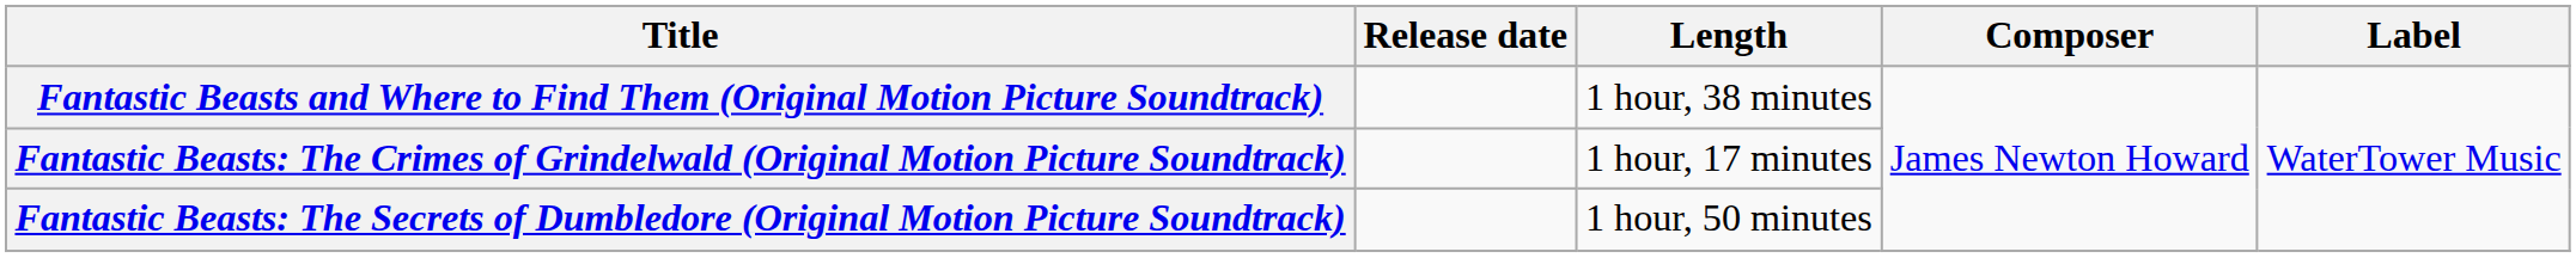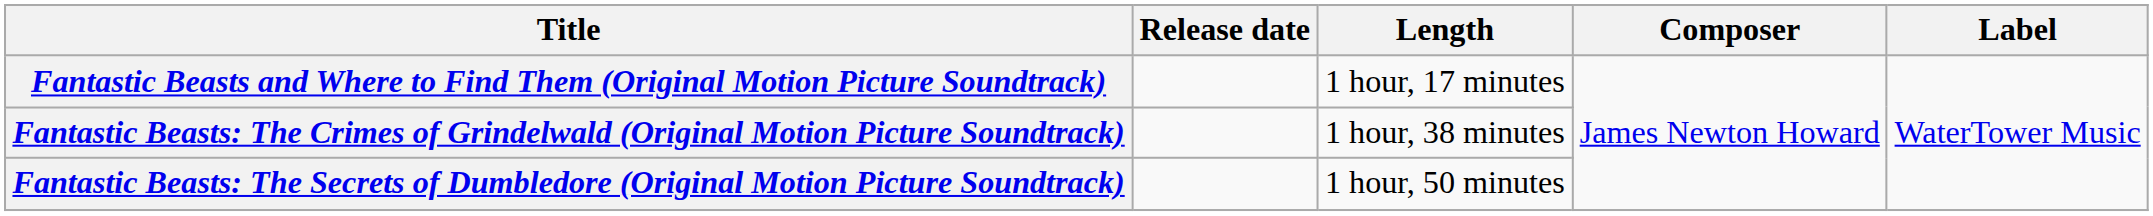 <table class="wikitable plainrowheaders" style="text-align:center">
 <tr>
 <th scope="col">Title</th>
 <th scope="col">Release date</th>
 <th scope="col">Length</th>
 <th scope="col">Composer</th>
 <th scope="col">Label</th>
 </tr>
 <tr>
 <th scope="row"><em><a href='#'>Fantastic Beasts and Where to Find Them (Original Motion Picture Soundtrack)</a></em></th>
 <td style="text-align:left"></td>
-<td style="text-align:left">1 hour, 38 minutes</td>
+<td style="text-align:left">1 hour, 17 minutes</td>
 <td rowspan="3"><a href='#'>James Newton Howard</a></td>
 <td rowspan="3"><a href='#'>WaterTower Music</a></td>
 </tr>
 <tr>
 <th scope="row"><em><a href='#'>Fantastic Beasts: The Crimes of Grindelwald (Original Motion Picture Soundtrack)</a></em></th>
 <td style="text-align:left"></td>
-<td style="text-align:left">1 hour, 17 minutes</td>
+<td style="text-align:left">1 hour, 38 minutes</td>
 </tr>
 <tr>
 <th scope="row"><em><a href='#'>Fantastic Beasts: The Secrets of Dumbledore (Original Motion Picture Soundtrack)</a></em></th>
 <td style="text-align:left"></td>
 <td style="text-align:left">1 hour, 50 minutes</td>
 </tr>
 </table>
